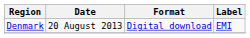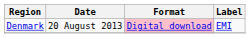 <table class=wikitable>
 <tr>
 <th>Region</th>
 <th>Date</th>
 <th>Format</th>
 <th>Label</th>
 </tr>
 <tr>
 <td><a href='#'>Denmark</a></td>
 <td>20 August 2013</td>
-<td><a href='#'>Digital download</a></td>
+<td style="background: pink;"><a href='#'>Digital download</a></td>
 <td><a href='#'>EMI</a></td>
 </tr>
 <tr>
 </tr>
 </table>
